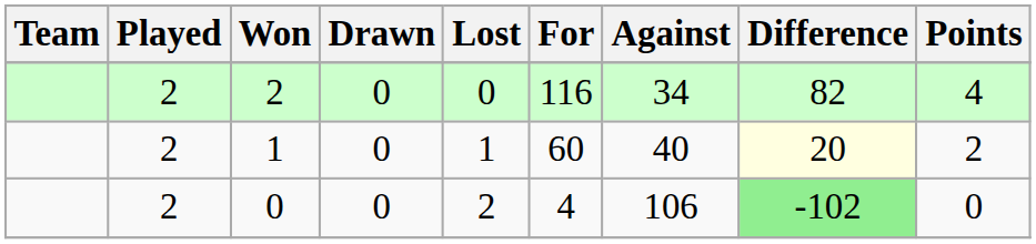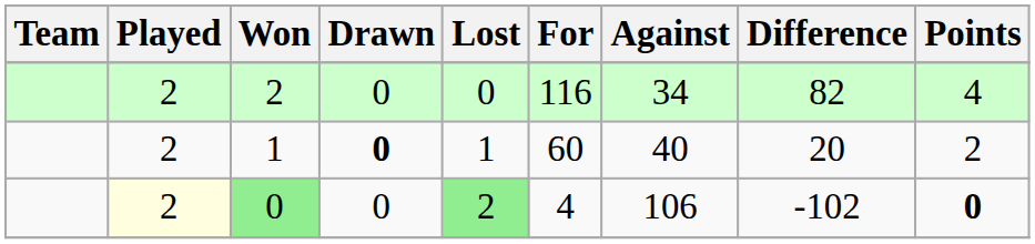 <table class="wikitable" style="text-align:center">
 <tr>
 <th>Team</th>
 <th>Played</th>
 <th>Won</th>
 <th>Drawn</th>
 <th>Lost</th>
 <th>For</th>
 <th>Against</th>
 <th>Difference</th>
 <th>Points</th>
 </tr>
 <tr>
 </tr>
 <tr style="background:#ccffcc;">
 <td align=left></td>
 <td>2</td>
 <td>2</td>
 <td>0</td>
 <td>0</td>
 <td>116</td>
 <td>34</td>
 <td>82</td>
 <td>4</td>
 </tr>
 <tr>
 <td align=left></td>
 <td>2</td>
 <td>1</td>
-<td>0</td>
+<td><strong>0</strong></td>
 <td>1</td>
 <td>60</td>
 <td>40</td>
-<td style="background: lightyellow;">20</td>
+<td>20</td>
 <td>2</td>
 </tr>
 <tr>
 <td align=left></td>
-<td>2</td>
+<td style="background: lightyellow;">2</td>
+<td style="background: lightgreen;">0</td>
 <td>0</td>
-<td>0</td>
-<td>2</td>
+<td style="background: lightgreen;">2</td>
 <td>4</td>
 <td>106</td>
-<td style="background: lightgreen;">-102</td>
-<td>0</td>
+<td>-102</td>
+<td><strong>0</strong></td>
 </tr>
 <tr>
 </tr>
 </table>
